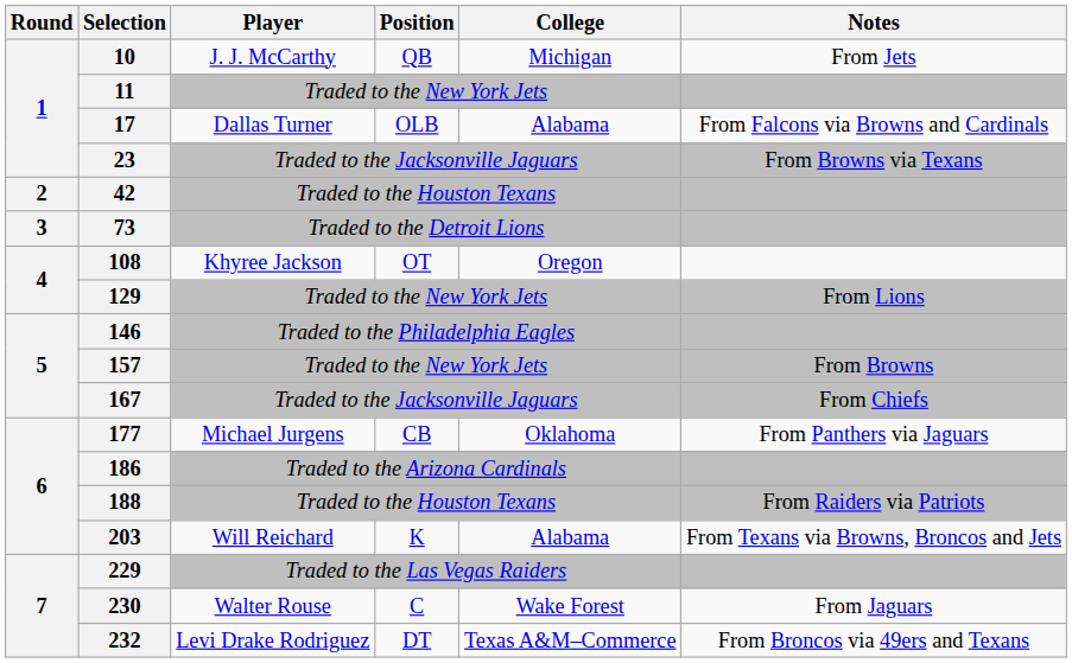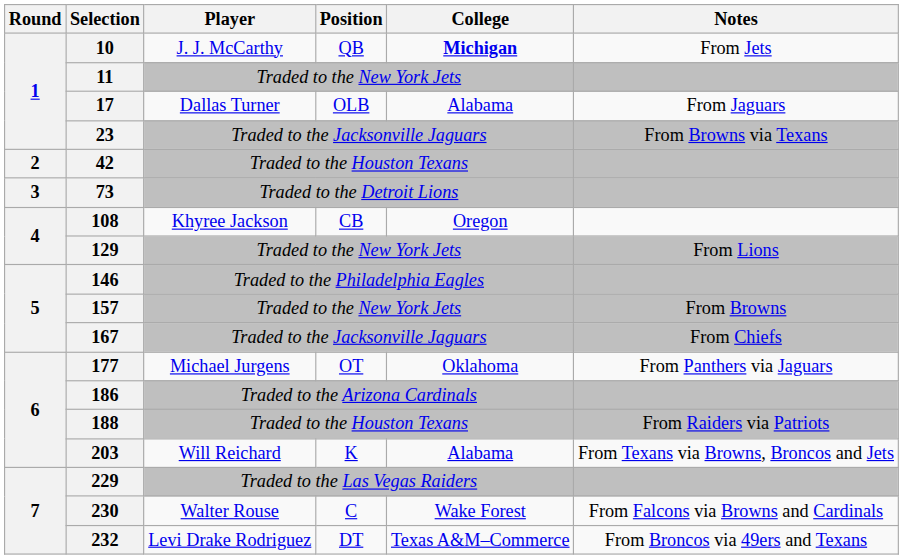 <table class="wikitable" style="text-align:center">
 <tr>
 <th>Round</th>
 <th>Selection</th>
 <th>Player</th>
 <th>Position</th>
 <th>College</th>
 <th>Notes</th>
 </tr>
 <tr>
 <th rowspan="4"><a href='#'>1</a></th>
 <th>10</th>
 <td><a href='#'>J. J. McCarthy</a></td>
 <td><a href='#'>QB</a></td>
-<td><a href='#'>Michigan</a></td>
+<td><strong><a href='#'>Michigan</a></strong></td>
 <td>From <a href='#'>Jets</a></td>
 </tr>
 <tr>
 <th>11</th>
 <td colspan="3" style="background:#BFBFBF"><em>Traded to the <a href='#'>New York Jets</a></em></td>
 <td style="background:#BFBFBF"></td>
 </tr>
 <tr>
 <th>17</th>
 <td><a href='#'>Dallas Turner</a></td>
 <td><a href='#'>OLB</a></td>
 <td><a href='#'>Alabama</a></td>
-<td>From <a href='#'>Falcons</a> via <a href='#'>Browns</a> and <a href='#'>Cardinals</a></td>
+<td>From <a href='#'>Jaguars</a></td>
 </tr>
 <tr>
 <th>23</th>
 <td colspan="3" style="background:#BFBFBF"><em>Traded to the <a href='#'>Jacksonville Jaguars</a></em></td>
 <td style="background:#BFBFBF">From <a href='#'>Browns</a> via <a href='#'>Texans</a></td>
 </tr>
 <tr>
 <th>2</th>
 <th>42</th>
 <td colspan="3" style="background:#BFBFBF"><em>Traded to the <a href='#'>Houston Texans</a></em></td>
 <td style="background:#BFBFBF"></td>
 </tr>
 <tr>
 <th>3</th>
 <th>73</th>
 <td colspan="3" style="background:#BFBFBF"><em>Traded to the <a href='#'>Detroit Lions</a></em></td>
 <td style="background:#BFBFBF"></td>
 </tr>
 <tr>
 <th rowspan="2">4</th>
 <th>108</th>
 <td><a href='#'>Khyree Jackson</a></td>
-<td><a href='#'>OT</a></td>
+<td><a href='#'>CB</a></td>
 <td><a href='#'>Oregon</a></td>
 <td></td>
 </tr>
 <tr>
 <th>129</th>
 <td colspan="3" style="background:#BFBFBF"><em>Traded to the <a href='#'>New York Jets</a></em></td>
 <td style="background:#BFBFBF">From <a href='#'>Lions</a></td>
 </tr>
 <tr>
 <th rowspan="3">5</th>
 <th>146</th>
 <td colspan="3" style="background:#BFBFBF"><em>Traded to the <a href='#'>Philadelphia Eagles</a></em></td>
 <td style="background:#BFBFBF"></td>
 </tr>
 <tr>
 <th>157</th>
 <td colspan="3" style="background:#BFBFBF"><em>Traded to the <a href='#'>New York Jets</a></em></td>
 <td style="background:#BFBFBF">From <a href='#'>Browns</a></td>
 </tr>
 <tr>
 <th>167</th>
 <td colspan="3" style="background:#BFBFBF"><em>Traded to the <a href='#'>Jacksonville Jaguars</a></em></td>
 <td style="background:#BFBFBF">From <a href='#'>Chiefs</a></td>
 </tr>
 <tr>
 <th rowspan="4">6</th>
 <th>177</th>
 <td><a href='#'>Michael Jurgens</a></td>
-<td><a href='#'>CB</a></td>
+<td><a href='#'>OT</a></td>
 <td><a href='#'>Oklahoma</a></td>
 <td>From <a href='#'>Panthers</a> via <a href='#'>Jaguars</a></td>
 </tr>
 <tr>
 <th>186</th>
 <td colspan="3" style="background:#BFBFBF"><em>Traded to the <a href='#'>Arizona Cardinals</a></em></td>
 <td style="background:#BFBFBF"></td>
 </tr>
 <tr>
 <th>188</th>
 <td colspan="3" style="background:#BFBFBF"><em>Traded to the <a href='#'>Houston Texans</a></em></td>
 <td style="background:#BFBFBF">From <a href='#'>Raiders</a> via <a href='#'>Patriots</a></td>
 </tr>
 <tr>
 <th>203</th>
 <td><a href='#'>Will Reichard</a></td>
 <td><a href='#'>K</a></td>
 <td><a href='#'>Alabama</a></td>
 <td>From <a href='#'>Texans</a> via <a href='#'>Browns</a>, <a href='#'>Broncos</a> and <a href='#'>Jets</a></td>
 </tr>
 <tr>
 <th rowspan="3">7</th>
 <th>229</th>
 <td colspan="3" style="background:#BFBFBF"><em>Traded to the <a href='#'>Las Vegas Raiders</a></em></td>
 <td style="background:#BFBFBF"></td>
 </tr>
 <tr>
 <th>230</th>
 <td><a href='#'>Walter Rouse</a></td>
 <td><a href='#'>C</a></td>
 <td><a href='#'>Wake Forest</a></td>
-<td>From <a href='#'>Jaguars</a></td>
+<td>From <a href='#'>Falcons</a> via <a href='#'>Browns</a> and <a href='#'>Cardinals</a></td>
 </tr>
 <tr>
 <th>232</th>
 <td><a href='#'>Levi Drake Rodriguez</a></td>
 <td><a href='#'>DT</a></td>
 <td><a href='#'>Texas A&M–Commerce</a></td>
 <td>From <a href='#'>Broncos</a> via <a href='#'>49ers</a> and <a href='#'>Texans</a></td>
 </tr>
 </table>
